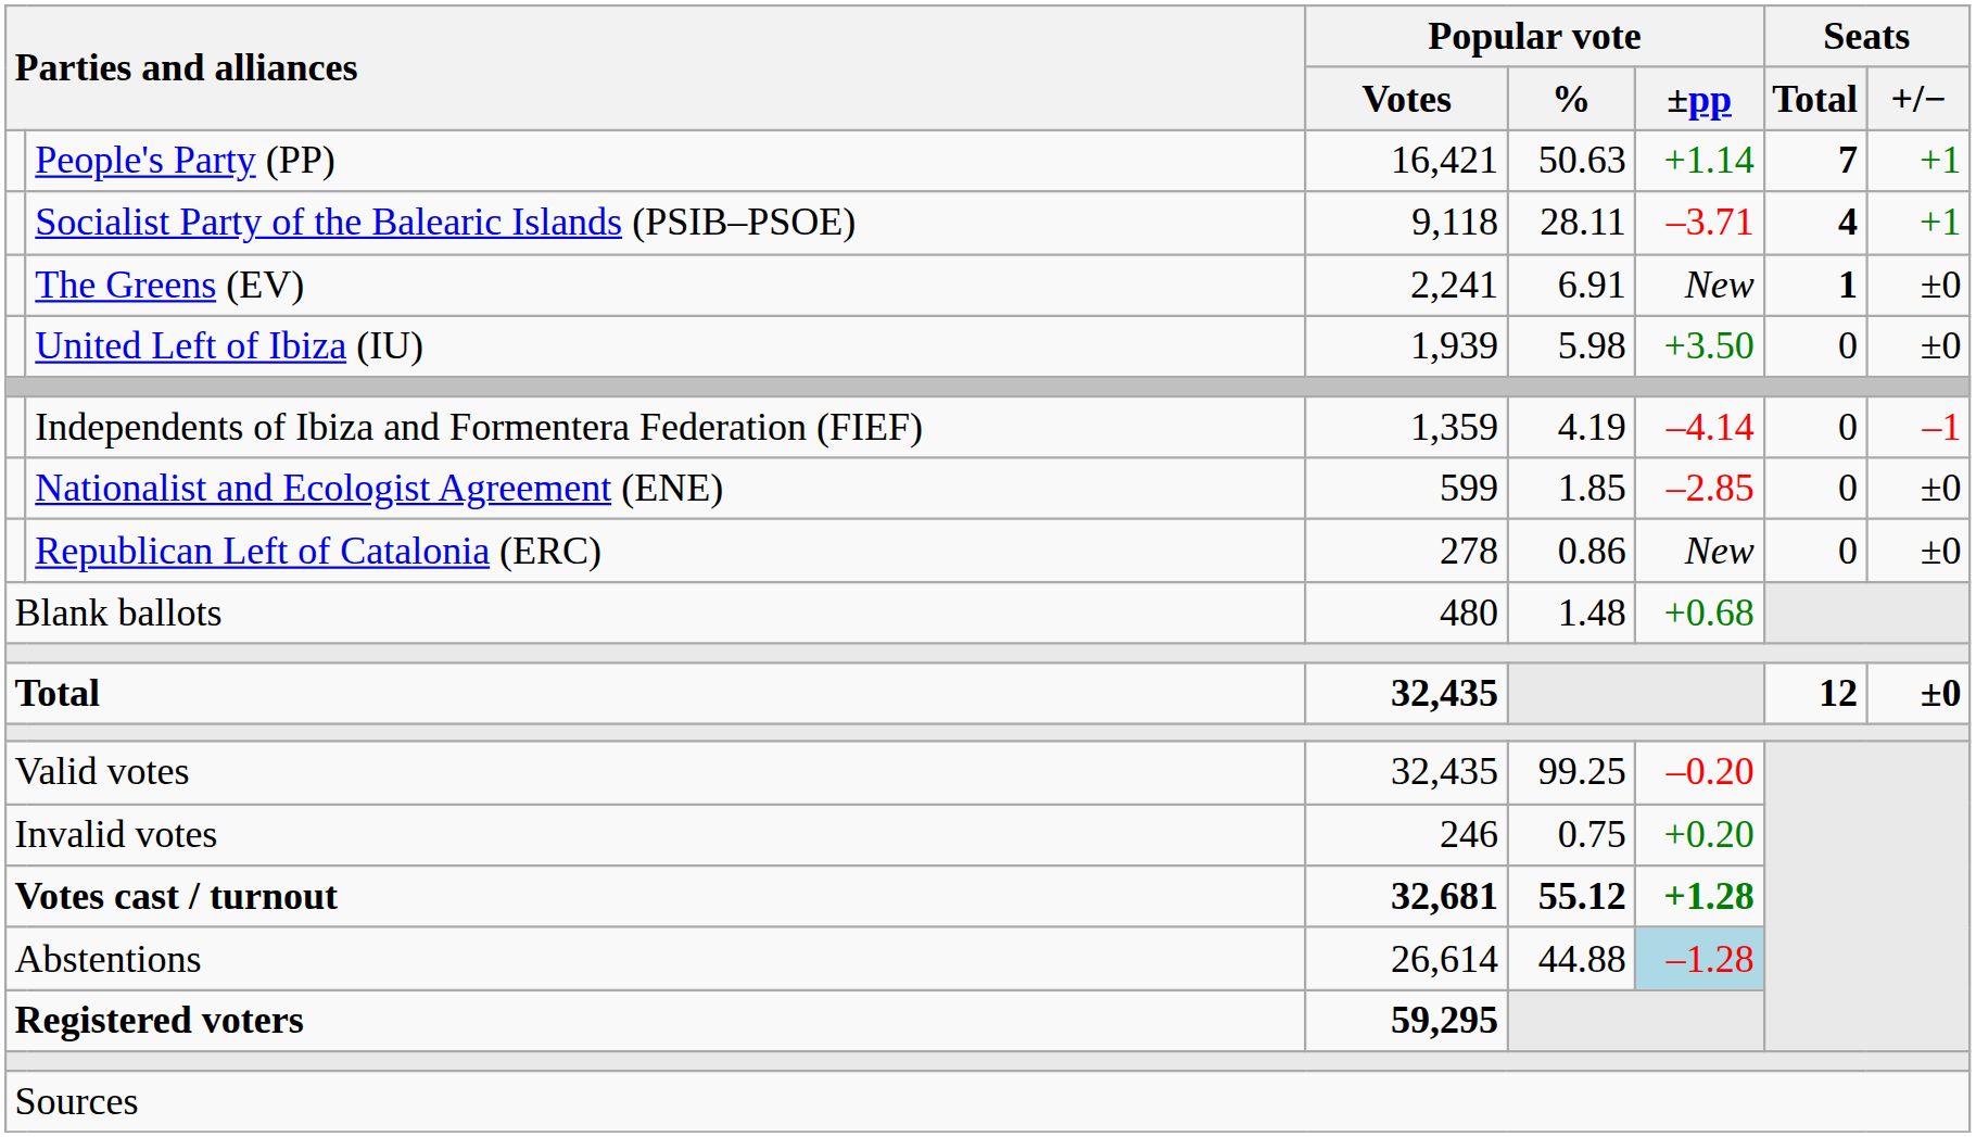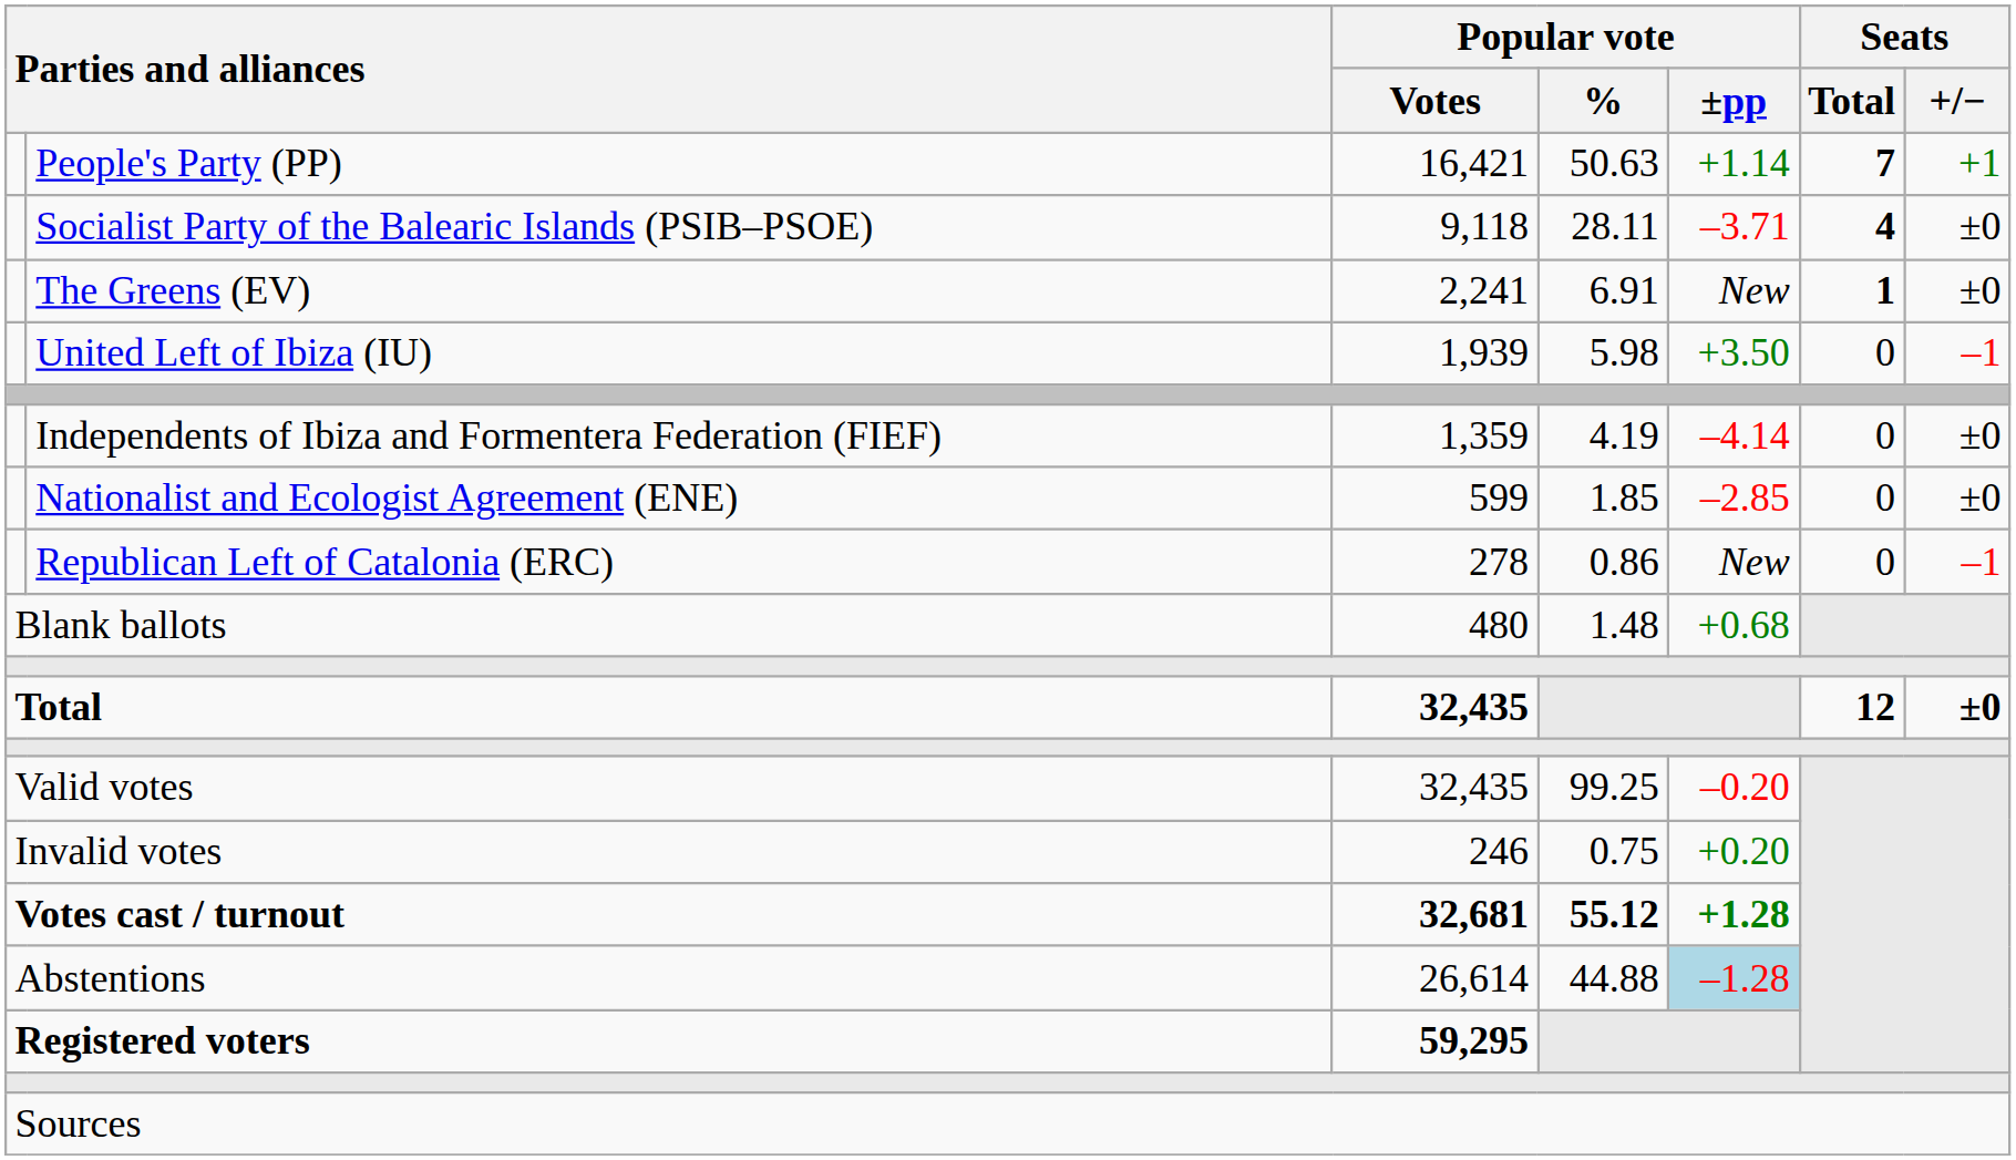 <table class="wikitable" style="text-align:right;">
 <tr>
 <th style="text-align:left;" rowspan="2" colspan="2" width="525">Parties and alliances</th>
 <th colspan="3">Popular vote</th>
 <th colspan="2">Seats</th>
 </tr>
 <tr>
 <th width="75">Votes</th>
 <th width="45">%</th>
 <th width="45">±<a href='#'>pp</a></th>
 <th width="35">Total</th>
 <th width="35">+/−</th>
 </tr>
 <tr>
 <td width="1" style="color:inherit;background:"></td>
 <td align="left"><a href='#'>People's Party</a> (PP)</td>
 <td>16,421</td>
 <td>50.63</td>
 <td style="color:green;">+1.14</td>
 <td><strong>7</strong></td>
 <td style="color:green;">+1</td>
 </tr>
 <tr>
 <td style="color:inherit;background:"></td>
 <td align="left"><a href='#'>Socialist Party of the Balearic Islands</a> (PSIB–PSOE)</td>
 <td>9,118</td>
 <td>28.11</td>
 <td style="color:red;">–3.71</td>
 <td><strong>4</strong></td>
-<td style="color:green;">+1</td>
+<td>±0</td>
 </tr>
 <tr>
 <td style="color:inherit;background:"></td>
 <td align="left"><a href='#'>The Greens</a> (EV)</td>
 <td>2,241</td>
 <td>6.91</td>
 <td><em>New</em></td>
 <td><strong>1</strong></td>
 <td>±0</td>
 </tr>
 <tr>
 <td style="color:inherit;background:"></td>
 <td align="left"><a href='#'>United Left of Ibiza</a> (IU)</td>
 <td>1,939</td>
 <td>5.98</td>
 <td style="color:green;">+3.50</td>
 <td>0</td>
-<td>±0</td>
+<td style="color:red;">–1</td>
 </tr>
 <tr>
 <td colspan="7" bgcolor="#C0C0C0"></td>
 </tr>
 <tr>
 <td style="color:inherit;background:"></td>
 <td align="left">Independents of Ibiza and Formentera Federation (FIEF)</td>
 <td>1,359</td>
 <td>4.19</td>
 <td style="color:red;">–4.14</td>
 <td>0</td>
-<td style="color:red;">–1</td>
+<td>±0</td>
 </tr>
 <tr>
 <td style="color:inherit;background:"></td>
 <td align="left"><a href='#'>Nationalist and Ecologist Agreement</a> (ENE)</td>
 <td>599</td>
 <td>1.85</td>
 <td style="color:red;">–2.85</td>
 <td>0</td>
 <td>±0</td>
 </tr>
 <tr>
 <td style="color:inherit;background:"></td>
 <td align="left"><a href='#'>Republican Left of Catalonia</a> (ERC)</td>
 <td>278</td>
 <td>0.86</td>
 <td><em>New</em></td>
 <td>0</td>
-<td>±0</td>
+<td style="color:red;">–1</td>
 </tr>
 <tr>
 <td align="left" colspan="2">Blank ballots</td>
 <td>480</td>
 <td>1.48</td>
 <td style="color:green;">+0.68</td>
 <td bgcolor="#E9E9E9" colspan="2"></td>
 </tr>
 <tr>
 <td colspan="7" bgcolor="#E9E9E9"></td>
 </tr>
 <tr style="font-weight:bold;">
 <td align="left" colspan="2">Total</td>
 <td>32,435</td>
 <td bgcolor="#E9E9E9" colspan="2"></td>
 <td width="35">12</td>
 <td width="35">±0</td>
 </tr>
 <tr>
 <td colspan="7" bgcolor="#E9E9E9"></td>
 </tr>
 <tr>
 <td align="left" colspan="2">Valid votes</td>
 <td>32,435</td>
 <td>99.25</td>
 <td style="color:red;">–0.20</td>
 <td bgcolor="#E9E9E9" colspan="2" rowspan="5"></td>
 </tr>
 <tr>
 <td align="left" colspan="2">Invalid votes</td>
 <td>246</td>
 <td>0.75</td>
 <td style="color:green;">+0.20</td>
 </tr>
 <tr style="font-weight:bold;">
 <td align="left" colspan="2">Votes cast / turnout</td>
 <td>32,681</td>
 <td>55.12</td>
 <td style="color:green;">+1.28</td>
 </tr>
 <tr>
 <td align="left" colspan="2">Abstentions</td>
 <td>26,614</td>
 <td>44.88</td>
 <td style="background: lightblue; color:red;">–1.28</td>
 </tr>
 <tr style="font-weight:bold;">
 <td align="left" colspan="2">Registered voters</td>
 <td>59,295</td>
 <td bgcolor="#E9E9E9" colspan="2"></td>
 </tr>
 <tr>
 <td colspan="7" bgcolor="#E9E9E9"></td>
 </tr>
 <tr>
 <td align="left" colspan="7">Sources</td>
 </tr>
 </table>
